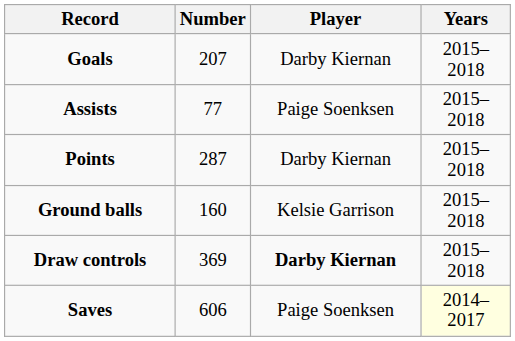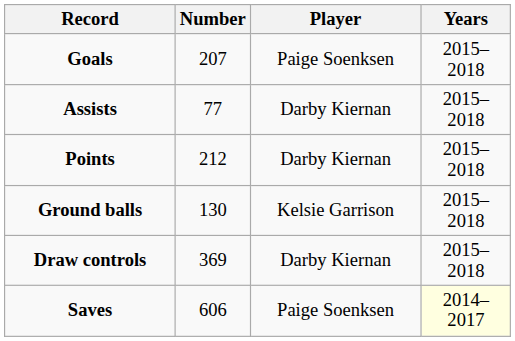 <table class="wikitable">
 <tr>
 <th style="width:140px; ">Record</th>
 <th style="width:35px; ">Number</th>
 <th style="width:140px; ">Player</th>
 <th style="width:70px; ">Years</th>
 </tr>
 <tr style="text-align:center;">
 <td><strong>Goals</strong></td>
 <td>207</td>
-<td>Darby Kiernan</td>
+<td>Paige Soenksen</td>
 <td>2015–2018</td>
 </tr>
 <tr style="text-align:center;">
 <td><strong>Assists</strong></td>
 <td>77</td>
-<td>Paige Soenksen</td>
+<td>Darby Kiernan</td>
 <td>2015–2018</td>
 </tr>
 <tr style="text-align:center;">
 <td><strong>Points</strong></td>
-<td>287</td>
+<td>212</td>
 <td>Darby Kiernan</td>
 <td>2015–2018</td>
 </tr>
 <tr style="text-align:center;">
 <td><strong>Ground balls</strong></td>
-<td>160</td>
+<td>130</td>
 <td>Kelsie Garrison</td>
 <td>2015–2018</td>
 </tr>
 <tr style="text-align:center;">
 <td><strong>Draw controls</strong></td>
 <td>369</td>
-<td><strong>Darby Kiernan</strong></td>
+<td>Darby Kiernan</td>
 <td>2015–2018</td>
 </tr>
 <tr style="text-align:center;">
 <td><strong>Saves</strong></td>
 <td>606</td>
 <td>Paige Soenksen</td>
 <td style="background: lightyellow;">2014–2017</td>
 </tr>
 </table>
